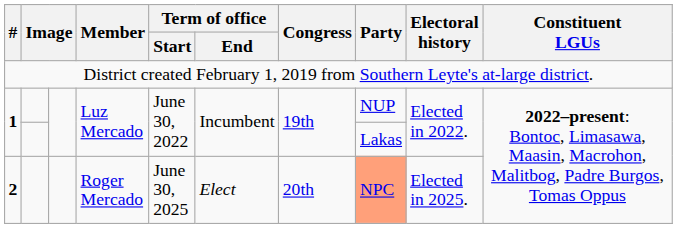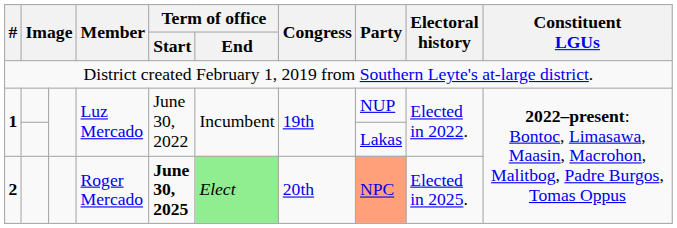 <table class="wikitable">
 <tr>
 <th rowspan="2">#</th>
 <th colspan="2" rowspan="2">Image</th>
 <th rowspan="2">Member</th>
 <th colspan="2">Term of office</th>
 <th rowspan="2">Congress</th>
 <th rowspan="2">Party</th>
 <th rowspan="2">Electoral history</th>
 <th rowspan="2" width="33%">Constituent<br><a href='#'>LGUs</a></th>
 </tr>
 <tr>
 <th>Start</th>
 <th>End</th>
 </tr>
 <tr>
 <td colspan="10" style="text-align:center;">District created February 1, 2019 from <a href='#'>Southern Leyte's at-large district</a>.</td>
 </tr>
 <tr>
 <td rowspan="2"><strong>1</strong></td>
 <td style="color:inherit;background:"></td>
 <td rowspan="2"></td>
 <td rowspan="2"><a href='#'>Luz Mercado</a></td>
 <td rowspan="2">June 30, 2022</td>
 <td rowspan="2">Incumbent</td>
 <td rowspan="2"><a href='#'>19th</a></td>
 <td><a href='#'>NUP</a></td>
 <td rowspan="2"><a href='#'>Elected in 2022</a>.</td>
 <td align="center" rowspan="3"><strong>2022–present</strong>:<br> <a href='#'>Bontoc</a>, <a href='#'>Limasawa</a>, <a href='#'>Maasin</a>, <a href='#'>Macrohon</a>, <a href='#'>Malitbog</a>, <a href='#'>Padre Burgos</a>, <a href='#'>Tomas Oppus</a></td>
 </tr>
 <tr>
 <td style="color:inherit;background:"></td>
 <td><a href='#'>Lakas</a></td>
 </tr>
 <tr>
 <td><strong>2</strong></td>
 <td style="color:inherit;background:"></td>
 <td></td>
 <td><a href='#'>Roger Mercado</a></td>
-<td>June 30, 2025</td>
-<td><em>Elect</em></td>
+<td><strong>June 30, 2025</strong></td>
+<td style="background: lightgreen;"><em>Elect</em></td>
 <td><a href='#'>20th</a></td>
 <td style="background: lightsalmon;"><a href='#'>NPC</a></td>
 <td><a href='#'>Elected in 2025</a>.</td>
 </tr>
 </table>
